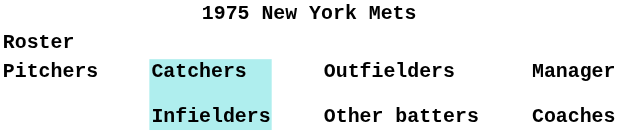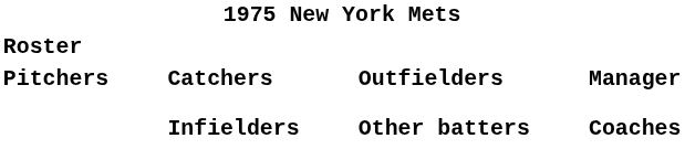 <table class="toccolours" style="font-size: 95%;">
 <tr>
 <th colspan="10">1975 New York Mets</th>
 </tr>
 <tr>
 <td colspan="10"><strong>Roster</strong></td>
 </tr>
 <tr>
 <td valign="top"><strong>Pitchers</strong><br>               </td>
 <td width="25px"></td>
-<td valign="top" style="background: paleturquoise;"><strong>Catchers</strong><br>  <br><strong>Infielders</strong>        </td>
+<td valign="top"><strong>Catchers</strong><br>  <br><strong>Infielders</strong>        </td>
 <td width="25px"></td>
 <td valign="top"><strong>Outfielders</strong><br>        <br><strong>Other batters</strong> </td>
 <td width="25px"></td>
 <td valign="top"><strong>Manager</strong><br> <br><strong>Coaches</strong>     </td>
 </tr>
 </table>
